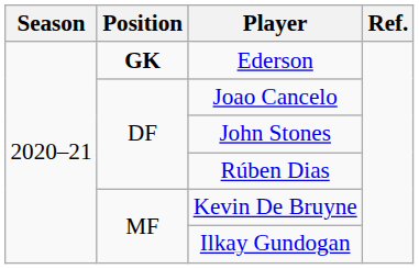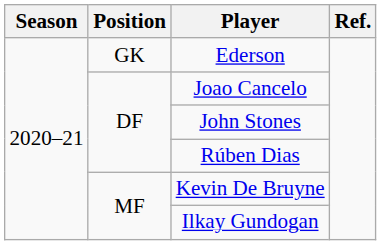 <table class="wikitable" style="text-align:center">
 <tr>
 <th>Season</th>
 <th>Position</th>
 <th>Player</th>
 <th>Ref.</th>
 </tr>
 <tr>
 <td rowspan="6">2020–21</td>
-<td><strong>GK</strong></td>
+<td>GK</td>
 <td>  <a href='#'>Ederson</a></td>
 <td rowspan="6"></td>
 </tr>
 <tr>
 <td rowspan="3">DF</td>
 <td> <a href='#'>Joao Cancelo</a></td>
 </tr>
 <tr>
 <td> <a href='#'>John Stones</a></td>
 </tr>
 <tr>
 <td> <a href='#'>Rúben Dias</a></td>
 </tr>
 <tr>
 <td rowspan="2">MF</td>
 <td> <a href='#'>Kevin De Bruyne</a></td>
 </tr>
 <tr>
 <td> <a href='#'>Ilkay Gundogan</a></td>
 </tr>
 </table>
